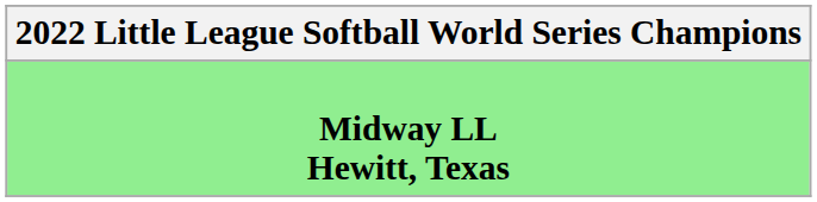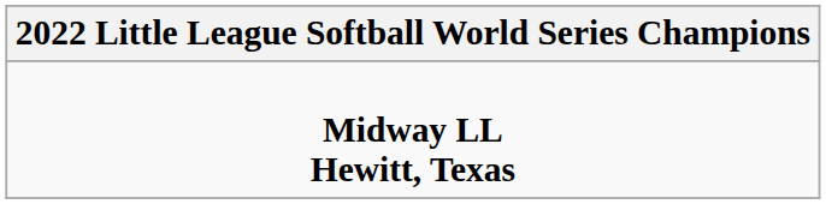 <table class="wikitable" style="text-align: center; margin: 0 auto;">
 <tr>
 <th>2022 Little League Softball World Series Champions</th>
 </tr>
 <tr>
-<td style="background: lightgreen;"> <br><strong>Midway LL</strong><br><strong>Hewitt, Texas</strong></td>
+<td> <br><strong>Midway LL</strong><br><strong>Hewitt, Texas</strong></td>
 </tr>
 </table>
